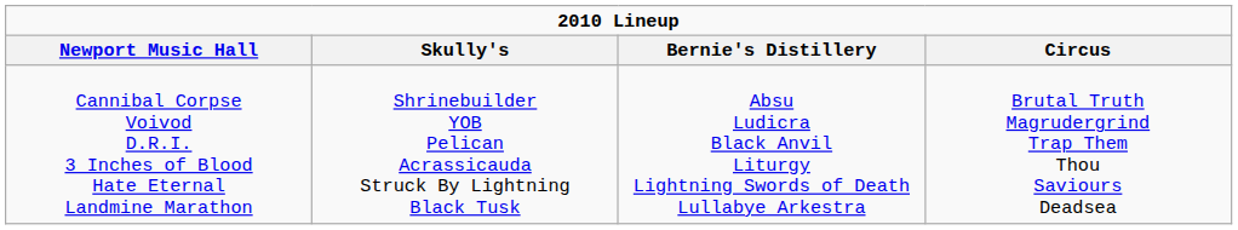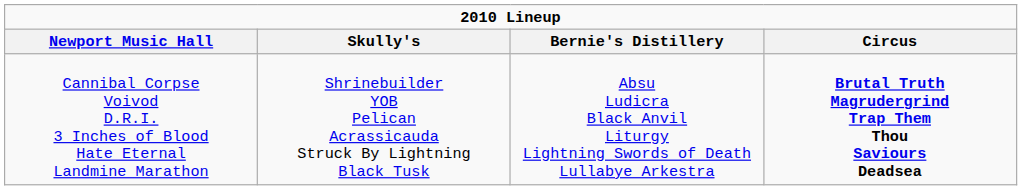 <table class="wikitable">
 <tr>
 <td colspan="4" align="center"><strong>2010 Lineup</strong></td>
 </tr>
 <tr>
 <th><a href='#'>Newport Music Hall</a></th>
 <th>Skully's</th>
 <th>Bernie's Distillery</th>
 <th>Circus</th>
 </tr>
 <tr>
 <td valign="top" align="center" width=210><br><a href='#'>Cannibal Corpse</a><br> <a href='#'>Voivod</a><br> <a href='#'>D.R.I.</a><br> <a href='#'>3 Inches of Blood</a><br> <a href='#'>Hate Eternal</a><br> <a href='#'>Landmine Marathon</a><br></td>
 <td valign="top" align="center" width=210><br><a href='#'>Shrinebuilder</a><br> <a href='#'>YOB</a><br> <a href='#'>Pelican</a><br> <a href='#'>Acrassicauda</a><br> Struck By Lightning<br> <a href='#'>Black Tusk</a><br></td>
 <td valign="top" align="center" width=210><br><a href='#'>Absu</a><br> <a href='#'>Ludicra</a><br> <a href='#'>Black Anvil</a><br> <a href='#'>Liturgy</a><br> <a href='#'>Lightning Swords of Death</a><br> <a href='#'>Lullabye Arkestra</a></td>
-<td valign="top" align="center" width=210><br><a href='#'>Brutal Truth</a><br> <a href='#'>Magrudergrind</a><br> <a href='#'>Trap Them</a><br> Thou<br> <a href='#'>Saviours</a><br> Deadsea<br></td>
+<td valign="top" align="center" width=210><strong><br><a href='#'>Brutal Truth</a><br> <a href='#'>Magrudergrind</a><br> <a href='#'>Trap Them</a><br> Thou<br> <a href='#'>Saviours</a><br> Deadsea<br></strong></td>
 </tr>
 </table>
